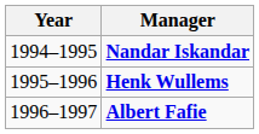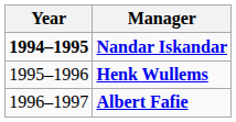 <table class="wikitable">
 <tr>
 <th>Year</th>
 <th>Manager</th>
 </tr>
 <tr>
-<td>1994–1995</td>
+<td><strong>1994–1995</strong></td>
 <td> <strong><a href='#'>Nandar Iskandar</a></strong></td>
 </tr>
 <tr>
 <td>1995–1996</td>
 <td> <strong><a href='#'>Henk Wullems</a></strong></td>
 </tr>
 <tr>
 <td>1996–1997</td>
 <td> <strong><a href='#'>Albert Fafie</a></strong></td>
 </tr>
 <tr>
 </tr>
 </table>
